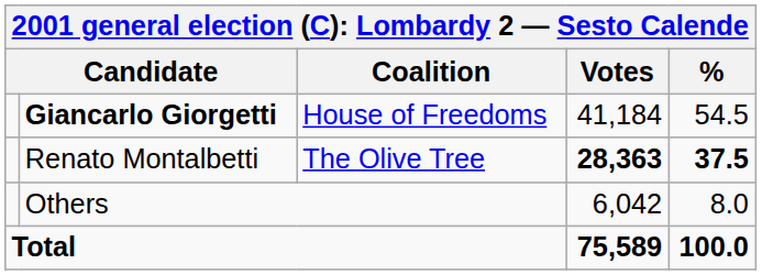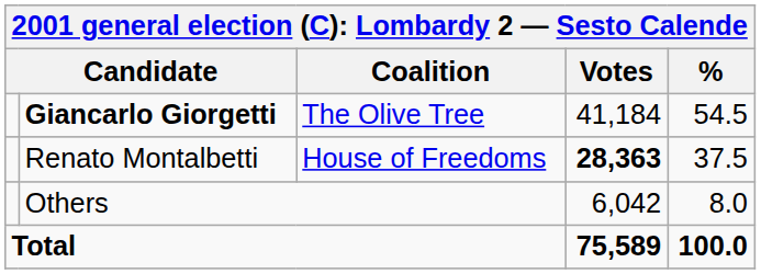 <table class=wikitable style=text-align:right>
 <tr>
 <th colspan=5><a href='#'>2001 general election</a> (<a href='#'>C</a>): <a href='#'>Lombardy</a> 2 — <a href='#'>Sesto Calende</a></th>
 </tr>
 <tr>
 <th colspan=2>Candidate</th>
 <th>Coalition</th>
 <th>Votes</th>
 <th>%</th>
 </tr>
 <tr>
 <td></td>
 <td align=left><strong>Giancarlo Giorgetti</strong></td>
-<td align=left><a href='#'>House of Freedoms</a></td>
+<td align=left><a href='#'>The Olive Tree</a></td>
 <td>41,184</td>
 <td>54.5</td>
 </tr>
 <tr>
 <td></td>
 <td align=left>Renato Montalbetti</td>
-<td align=left><a href='#'>The Olive Tree</a></td>
+<td align=left><a href='#'>House of Freedoms</a></td>
 <td><strong>28,363</strong></td>
-<td><strong>37.5</strong></td>
+<td>37.5</td>
 </tr>
 <tr>
 <td></td>
 <td align=left colspan=2>Others</td>
 <td>6,042</td>
 <td>8.0</td>
 </tr>
 <tr>
 <td align=left colspan=3><strong>Total</strong></td>
 <td><strong>75,589</strong></td>
 <td><strong>100.0</strong></td>
 </tr>
 </table>
